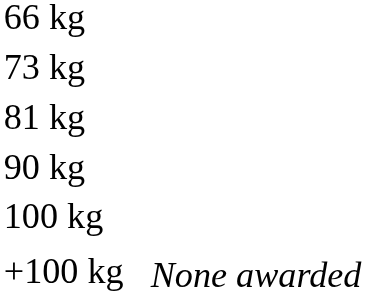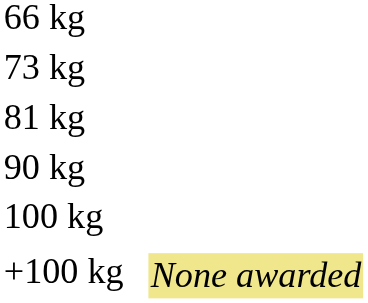 <table>
 <tr>
 <td rowspan=2>66 kg</td>
 <td rowspan=2></td>
 <td rowspan=2></td>
 <td></td>
 </tr>
 <tr>
 <td></td>
 </tr>
 <tr>
 <td rowspan=2>73 kg</td>
 <td rowspan=2></td>
 <td rowspan=2></td>
 <td></td>
 </tr>
 <tr>
 <td></td>
 </tr>
 <tr>
 <td rowspan=2>81 kg</td>
 <td rowspan=2></td>
 <td rowspan=2></td>
 <td></td>
 </tr>
 <tr>
 <td></td>
 </tr>
 <tr>
 <td rowspan=2>90 kg</td>
 <td rowspan=2></td>
 <td rowspan=2></td>
 <td></td>
 </tr>
 <tr>
 <td></td>
 </tr>
 <tr>
 <td rowspan=2>100 kg</td>
 <td rowspan=2></td>
 <td rowspan=2></td>
 <td></td>
 </tr>
 <tr>
 <td></td>
 </tr>
 <tr>
 <td rowspan=2>+100 kg</td>
 <td rowspan=2></td>
 <td rowspan=2></td>
 <td></td>
 </tr>
 <tr>
-<td><em>None awarded</em></td>
+<td style="background: khaki;"><em>None awarded</em></td>
 </tr>
 </table>
